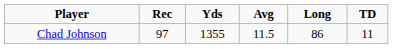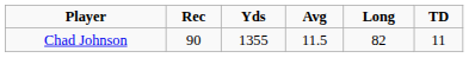 <table class="wikitable" style="width:80%;">
 <tr style="text-align:center; ">
 <td><strong>Player</strong></td>
 <td><strong>Rec</strong></td>
 <td><strong>Yds</strong></td>
 <td><strong>Avg</strong></td>
 <td><strong>Long</strong></td>
 <td><strong>TD</strong></td>
 </tr>
 <tr style="text-align:center;" bgcolor="">
 <td><a href='#'>Chad Johnson</a></td>
-<td>97</td>
+<td>90</td>
 <td>1355</td>
 <td>11.5</td>
-<td>86</td>
+<td>82</td>
 <td>11</td>
 </tr>
 </table>
